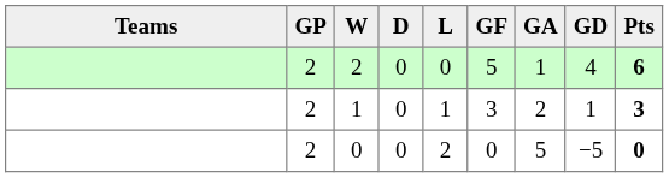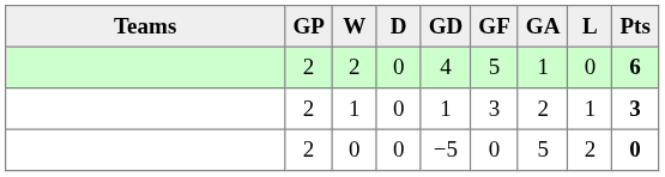 <table style=border-collapse:collapse border=1 cellspacing=0 cellpadding=5>
 <tr align=center bgcolor=#efefef>
 <th width=185>Teams</th>
 <th width=20>GP</th>
 <th width=20>W</th>
 <th width=20>D</th>
-<th width=20>L</th>
+<th width=20>GD</th>
 <th width=20>GF</th>
 <th width=20>GA</th>
-<th width=20>GD</th>
+<th width=20>L</th>
 <th width=20>Pts</th>
 </tr>
 <tr align=center style="background:#ccffcc;">
 <td style="text-align:left;"></td>
 <td>2</td>
 <td>2</td>
 <td>0</td>
-<td>0</td>
+<td>4</td>
 <td>5</td>
 <td>1</td>
-<td>4</td>
+<td>0</td>
 <td><strong>6</strong></td>
 </tr>
 <tr align=center>
 <td style="text-align:left;"></td>
 <td>2</td>
 <td>1</td>
 <td>0</td>
 <td>1</td>
 <td>3</td>
 <td>2</td>
 <td>1</td>
 <td><strong>3</strong></td>
 </tr>
 <tr align=center>
 <td style="text-align:left;"></td>
 <td>2</td>
 <td>0</td>
 <td>0</td>
-<td>2</td>
+<td>−5</td>
 <td>0</td>
 <td>5</td>
-<td>−5</td>
+<td>2</td>
 <td><strong>0</strong></td>
 </tr>
 </table>
